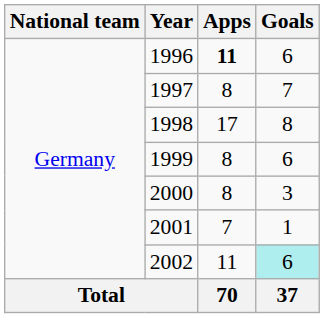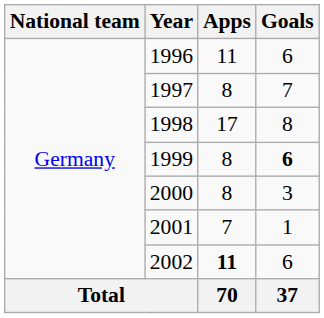 <table class="wikitable" style="text-align: center;">
 <tr>
 <th>National team</th>
 <th>Year</th>
 <th>Apps</th>
 <th>Goals</th>
 </tr>
 <tr>
 <td rowspan="7"><a href='#'>Germany</a></td>
 <td>1996</td>
-<td><strong>11</strong></td>
+<td>11</td>
 <td>6</td>
 </tr>
 <tr>
 <td>1997</td>
 <td>8</td>
 <td>7</td>
 </tr>
 <tr>
 <td>1998</td>
 <td>17</td>
 <td>8</td>
 </tr>
 <tr>
 <td>1999</td>
 <td>8</td>
-<td>6</td>
+<td><strong>6</strong></td>
 </tr>
 <tr>
 <td>2000</td>
 <td>8</td>
 <td>3</td>
 </tr>
 <tr>
 <td>2001</td>
 <td>7</td>
 <td>1</td>
 </tr>
 <tr>
 <td>2002</td>
-<td>11</td>
-<td style="background: paleturquoise;">6</td>
+<td><strong>11</strong></td>
+<td>6</td>
 </tr>
 <tr>
 <th colspan="2">Total</th>
 <th>70</th>
 <th>37</th>
 </tr>
 </table>
